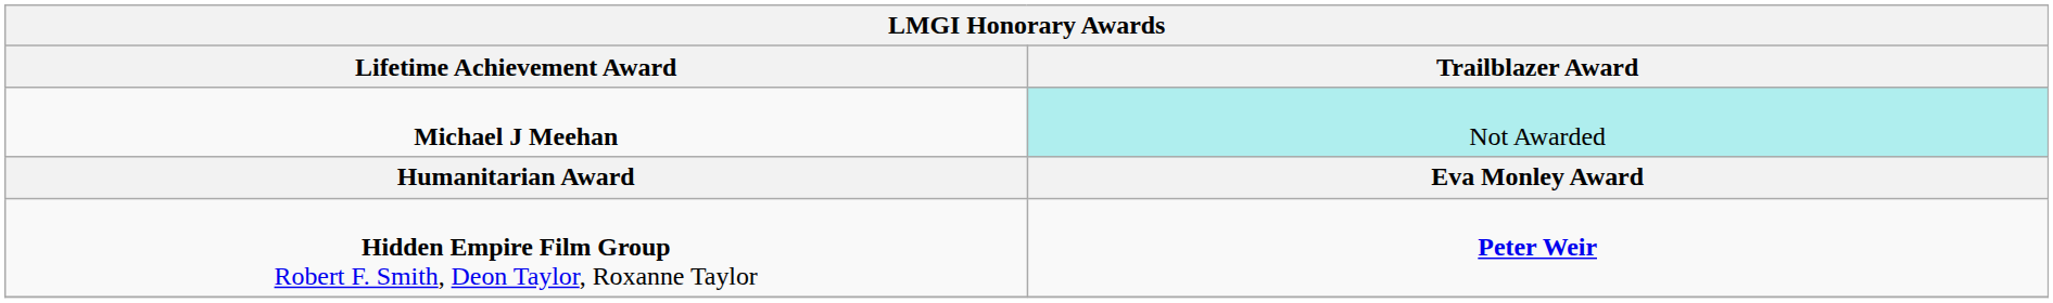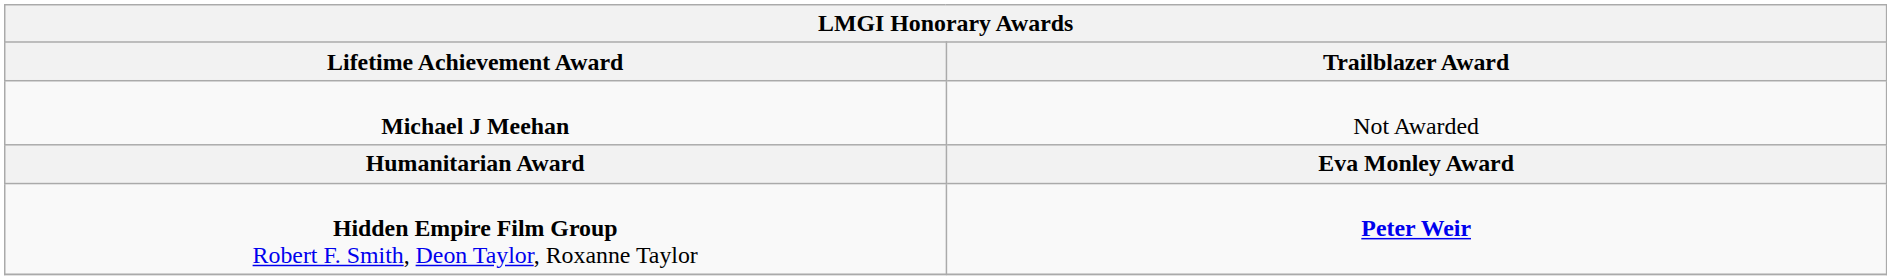 <table class=wikitable width="100%">
 <tr>
 <th colspan="2">LMGI Honorary Awards</th>
 </tr>
 <tr>
 <th width="50%">Lifetime Achievement Award</th>
 <th width="50%">Trailblazer Award</th>
 </tr>
 <tr>
 <td valign="top" style="text-align:center;"><br><strong>Michael J Meehan</strong></td>
-<td valign="top" style="background: paleturquoise; text-align:center;"><br>Not Awarded</td>
+<td valign="top" style="text-align:center;"><br>Not Awarded</td>
 </tr>
 <tr>
 <th>Humanitarian Award</th>
 <th>Eva Monley Award</th>
 </tr>
 <tr>
 <td valign="top" style="text-align:center;"><br><strong>Hidden Empire Film Group</strong><br><a href='#'>Robert F. Smith</a>, <a href='#'>Deon Taylor</a>, Roxanne Taylor</td>
 <td valign="top" style="text-align:center;"><br><strong><a href='#'>Peter Weir</a></strong></td>
 </tr>
 <tr>
 </tr>
 </table>
